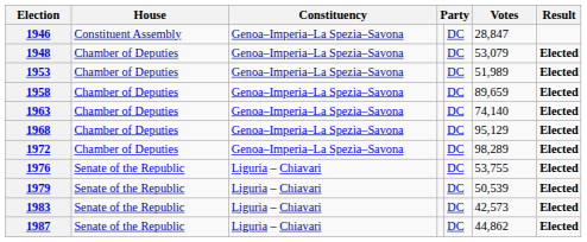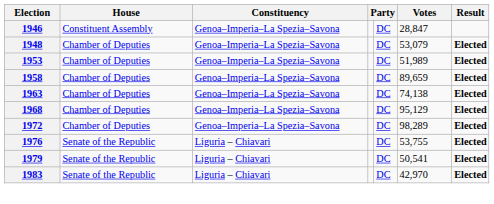 <table class=wikitable style="width:60%; border:1px #AAAAFF solid">
 <tr>
 <th width=12%>Election</th>
 <th width=30%>House</th>
 <th width=40%>Constituency</th>
 <th width=5% colspan="2">Party</th>
 <th width=12%>Votes</th>
 <th width=12%>Result</th>
 </tr>
 <tr>
 <th><a href='#'>1946</a></th>
 <td><a href='#'>Constituent Assembly</a></td>
 <td><a href='#'>Genoa–Imperia–La Spezia–Savona</a></td>
 <td></td>
 <td><a href='#'>DC</a></td>
 <td>28,847</td>
 <td></td>
 </tr>
 <tr>
 <th><a href='#'>1948</a></th>
 <td><a href='#'>Chamber of Deputies</a></td>
 <td><a href='#'>Genoa–Imperia–La Spezia–Savona</a></td>
 <td></td>
 <td><a href='#'>DC</a></td>
 <td>53,079</td>
 <td> <strong>Elected</strong></td>
 </tr>
 <tr>
 <th><a href='#'>1953</a></th>
 <td><a href='#'>Chamber of Deputies</a></td>
 <td><a href='#'>Genoa–Imperia–La Spezia–Savona</a></td>
 <td></td>
 <td><a href='#'>DC</a></td>
 <td>51,989</td>
 <td> <strong>Elected</strong></td>
 </tr>
 <tr>
 <th><a href='#'>1958</a></th>
 <td><a href='#'>Chamber of Deputies</a></td>
 <td><a href='#'>Genoa–Imperia–La Spezia–Savona</a></td>
 <td></td>
 <td><a href='#'>DC</a></td>
 <td>89,659</td>
 <td> <strong>Elected</strong></td>
 </tr>
 <tr>
 <th><a href='#'>1963</a></th>
 <td><a href='#'>Chamber of Deputies</a></td>
 <td><a href='#'>Genoa–Imperia–La Spezia–Savona</a></td>
 <td></td>
 <td><a href='#'>DC</a></td>
-<td>74,140</td>
+<td>74,138</td>
 <td> <strong>Elected</strong></td>
 </tr>
 <tr>
 <th><a href='#'>1968</a></th>
 <td><a href='#'>Chamber of Deputies</a></td>
 <td><a href='#'>Genoa–Imperia–La Spezia–Savona</a></td>
 <td></td>
 <td><a href='#'>DC</a></td>
 <td>95,129</td>
 <td> <strong>Elected</strong></td>
 </tr>
 <tr>
 <th><a href='#'>1972</a></th>
 <td><a href='#'>Chamber of Deputies</a></td>
 <td><a href='#'>Genoa–Imperia–La Spezia–Savona</a></td>
 <td></td>
 <td><a href='#'>DC</a></td>
 <td>98,289</td>
 <td> <strong>Elected</strong></td>
 </tr>
 <tr>
 <th><a href='#'>1976</a></th>
 <td><a href='#'>Senate of the Republic</a></td>
 <td><a href='#'>Liguria</a> – <a href='#'>Chiavari</a></td>
 <td></td>
 <td><a href='#'>DC</a></td>
 <td>53,755</td>
 <td> <strong>Elected</strong></td>
 </tr>
 <tr>
 <th><a href='#'>1979</a></th>
 <td><a href='#'>Senate of the Republic</a></td>
 <td><a href='#'>Liguria</a> – <a href='#'>Chiavari</a></td>
 <td></td>
 <td><a href='#'>DC</a></td>
-<td>50,539</td>
+<td>50,541</td>
 <td> <strong>Elected</strong></td>
 </tr>
 <tr>
 <th><a href='#'>1983</a></th>
 <td><a href='#'>Senate of the Republic</a></td>
 <td><a href='#'>Liguria</a> – <a href='#'>Chiavari</a></td>
 <td></td>
 <td><a href='#'>DC</a></td>
-<td>42,573</td>
-<td> <strong>Elected</strong></td>
-</tr>
-<tr>
-<th><a href='#'>1987</a></th>
-<td><a href='#'>Senate of the Republic</a></td>
-<td><a href='#'>Liguria</a> – <a href='#'>Chiavari</a></td>
-<td></td>
-<td><a href='#'>DC</a></td>
-<td>44,862</td>
+<td>42,970</td>
 <td> <strong>Elected</strong></td>
 </tr>
 </table>
